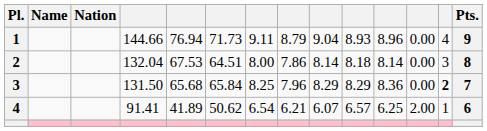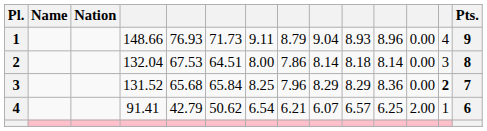 <table class="wikitable sortable" style="text-align:center">
 <tr>
 <th>Pl.</th>
 <th>Name</th>
 <th>Nation</th>
 <th></th>
 <th></th>
 <th></th>
 <th></th>
 <th></th>
 <th></th>
 <th></th>
 <th></th>
 <th></th>
 <th></th>
 <th>Pts.</th>
 </tr>
 <tr>
 <th>1</th>
 <td align="left"></td>
 <td align="left"></td>
-<td>144.66</td>
-<td>76.94</td>
+<td>148.66</td>
+<td>76.93</td>
 <td>71.73</td>
 <td>9.11</td>
 <td>8.79</td>
 <td>9.04</td>
 <td>8.93</td>
 <td>8.96</td>
 <td>0.00</td>
 <td>4</td>
 <th>9</th>
 </tr>
 <tr>
 <th>2</th>
 <td align="left"></td>
 <td align="left"></td>
 <td>132.04</td>
 <td>67.53</td>
 <td>64.51</td>
 <td>8.00</td>
 <td>7.86</td>
 <td>8.14</td>
 <td>8.18</td>
 <td>8.14</td>
 <td>0.00</td>
 <td>3</td>
 <th>8</th>
 </tr>
 <tr>
 <th>3</th>
 <td align="left"></td>
 <td align="left"></td>
-<td>131.50</td>
+<td>131.52</td>
 <td>65.68</td>
 <td>65.84</td>
 <td>8.25</td>
 <td>7.96</td>
 <td>8.29</td>
 <td>8.29</td>
 <td>8.36</td>
 <td>0.00</td>
 <td><strong>2</strong></td>
 <th>7</th>
 </tr>
 <tr>
 <th>4</th>
 <td align="left"></td>
 <td align="left"></td>
 <td>91.41</td>
-<td>41.89</td>
+<td>42.79</td>
 <td>50.62</td>
 <td>6.54</td>
 <td>6.21</td>
 <td>6.07</td>
 <td>6.57</td>
 <td>6.25</td>
 <td>2.00</td>
 <td>1</td>
 <th>6</th>
 </tr>
 <tr bgcolor=pink>
 <th></th>
 <td align="left"></td>
 <td align="left"></td>
 <td></td>
 <td></td>
 <td></td>
 <td></td>
 <td></td>
 <td></td>
 <td></td>
 <td></td>
 <td></td>
 <td></td>
 <th></th>
 </tr>
 </table>
